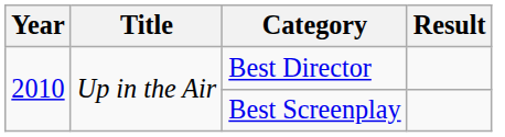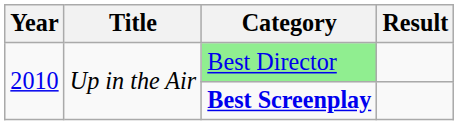 <table class="wikitable">
 <tr>
 <th>Year</th>
 <th>Title</th>
 <th>Category</th>
 <th>Result</th>
 </tr>
 <tr>
 <td rowspan=2><a href='#'>2010</a></td>
 <td rowspan=2><em>Up in the Air</em></td>
-<td><a href='#'>Best Director</a></td>
+<td style="background: lightgreen;"><a href='#'>Best Director</a></td>
 <td></td>
 </tr>
 <tr>
-<td><a href='#'>Best Screenplay</a></td>
+<td><strong><a href='#'>Best Screenplay</a></strong></td>
 <td></td>
 </tr>
 </table>
